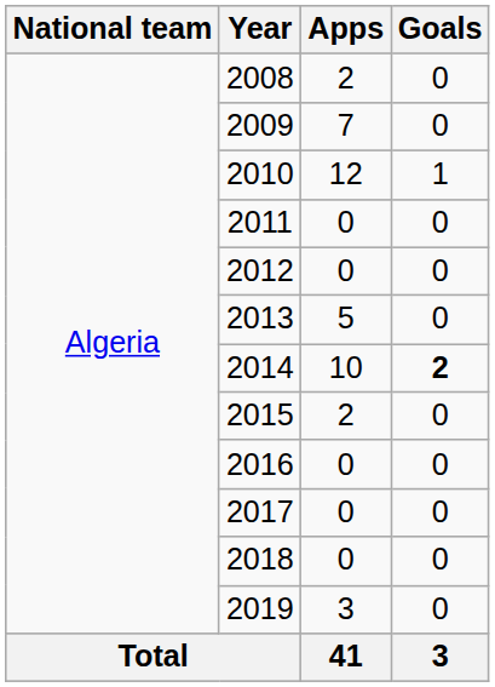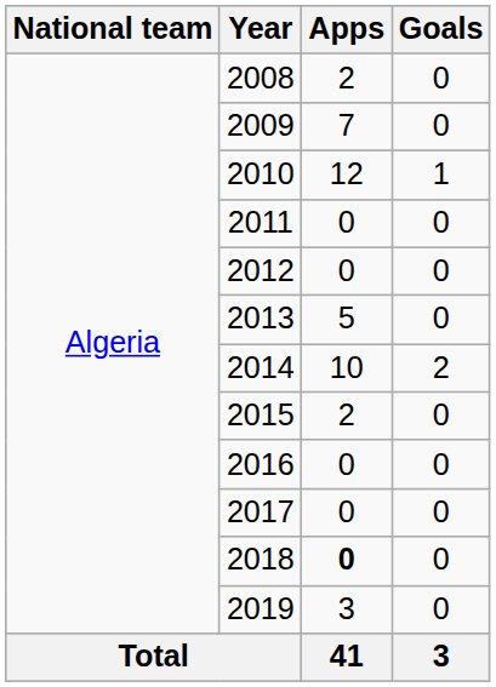 <table class="wikitable" style="text-align:center">
 <tr>
 <th>National team</th>
 <th>Year</th>
 <th>Apps</th>
 <th>Goals</th>
 </tr>
 <tr>
 <td rowspan="12"><a href='#'>Algeria</a></td>
 <td>2008</td>
 <td>2</td>
 <td>0</td>
 </tr>
 <tr>
 <td>2009</td>
 <td>7</td>
 <td>0</td>
 </tr>
 <tr>
 <td>2010</td>
 <td>12</td>
 <td>1</td>
 </tr>
 <tr>
 <td>2011</td>
 <td>0</td>
 <td>0</td>
 </tr>
 <tr>
 <td>2012</td>
 <td>0</td>
 <td>0</td>
 </tr>
 <tr>
 <td>2013</td>
 <td>5</td>
 <td>0</td>
 </tr>
 <tr>
 <td>2014</td>
 <td>10</td>
-<td><strong>2</strong></td>
+<td>2</td>
 </tr>
 <tr>
 <td>2015</td>
 <td>2</td>
 <td>0</td>
 </tr>
 <tr>
 <td>2016</td>
 <td>0</td>
 <td>0</td>
 </tr>
 <tr>
 <td>2017</td>
 <td>0</td>
 <td>0</td>
 </tr>
 <tr>
 <td>2018</td>
-<td>0</td>
+<td><strong>0</strong></td>
 <td>0</td>
 </tr>
 <tr>
 <td>2019</td>
 <td>3</td>
 <td>0</td>
 </tr>
 <tr>
 <th colspan="2">Total</th>
 <th>41</th>
 <th>3</th>
 </tr>
 </table>
